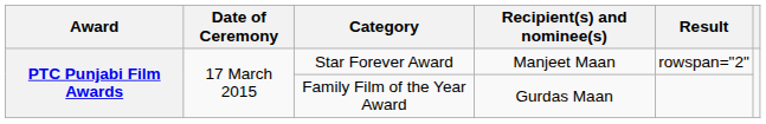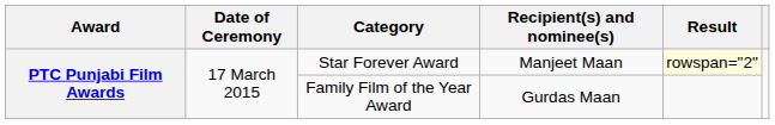 <table width="85%" class="wikitable plainrowheaders sortable">
 <tr>
 <th width="25%">Award</th>
 <th width="15%">Date of Ceremony</th>
 <th width="25%">Category</th>
 <th width="25%">Recipient(s) and nominee(s)</th>
 <th width="10%">Result</th>
 <th scope="col" class="unsortable"></th>
 </tr>
 <tr>
 <th align="center" rowspan="2"><a href='#'>PTC Punjabi Film Awards</a></th>
 <td align="center" rowspan="2">17 March 2015</td>
 <td align="center">Star Forever Award</td>
 <td align="center">Manjeet Maan</td>
-<td>rowspan="2" </td>
+<td style="background: lightyellow;">rowspan="2" </td>
 <td style="text-align:center;" rowspan="2"><br></td>
 </tr>
 <tr>
 <td align="center">Family Film of the Year Award</td>
 <td align="center">Gurdas Maan</td>
 </tr>
 </table>
